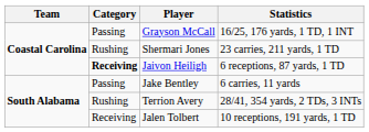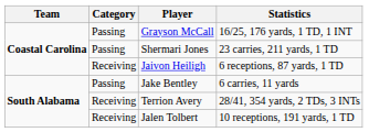 <table class="wikitable" style="float: left;">
 <tr>
 <th>Team</th>
 <th>Category</th>
 <th>Player</th>
 <th>Statistics</th>
 </tr>
 <tr>
 <td rowspan=3><strong>Coastal Carolina</strong></td>
 <td>Passing</td>
 <td><a href='#'>Grayson McCall</a></td>
 <td>16/25, 176 yards, 1 TD, 1 INT</td>
 </tr>
 <tr>
-<td>Rushing</td>
+<td>Passing</td>
 <td>Shermari Jones</td>
 <td>23 carries, 211 yards, 1 TD</td>
 </tr>
 <tr>
-<td><strong>Receiving</strong></td>
+<td>Receiving</td>
 <td><a href='#'>Jaivon Heiligh</a></td>
 <td>6 receptions, 87 yards, 1 TD</td>
 </tr>
 <tr>
 <td rowspan=3><strong>South Alabama</strong></td>
 <td>Passing</td>
 <td>Jake Bentley</td>
 <td>6 carries, 11 yards</td>
 </tr>
 <tr>
-<td>Rushing</td>
+<td>Receiving</td>
 <td>Terrion Avery</td>
 <td>28/41, 354 yards, 2 TDs, 3 INTs</td>
 </tr>
 <tr>
 <td>Receiving</td>
 <td>Jalen Tolbert</td>
 <td>10 receptions, 191 yards, 1 TD</td>
 </tr>
 </table>
